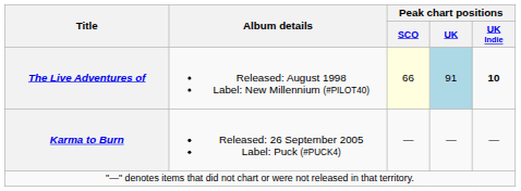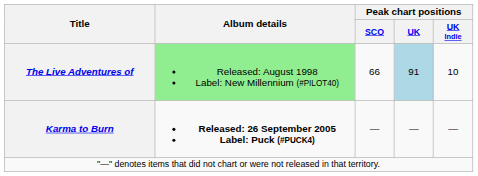 <table class="wikitable plainrowheaders" style="text-align:center;">
 <tr>
 <th scope="col" rowspan="2" style="width:15em;">Title</th>
 <th scope="col" rowspan="2" style="width:20em;">Album details</th>
 <th scope="col" colspan="3">Peak chart positions</th>
 </tr>
 <tr>
 <th style="width:4em;font-size:90%;"><a href='#'>SCO</a><br></th>
 <th style="width:4em;font-size:90%;"><a href='#'>UK</a><br></th>
 <th style="width:4em;font-size:90%;"><a href='#'>UK<br><small>Indie</small></a><br></th>
 </tr>
 <tr>
 <th scope="row"><em><a href='#'>The Live Adventures of</a></em></th>
-<td><br><ul><li>Released: August 1998</li><li>Label: New Millennium <small>(#PILOT40)</small></li></ul></td>
-<td style="background: lightyellow;">66</td>
+<td style="background: lightgreen;"><br><ul><li>Released: August 1998</li><li>Label: New Millennium <small>(#PILOT40)</small></li></ul></td>
+<td>66</td>
 <td style="background: lightblue;">91</td>
-<td><strong>10</strong></td>
+<td>10</td>
 </tr>
 <tr>
 <th scope="row"><em><a href='#'>Karma to Burn</a></em></th>
-<td><br><ul><li>Released: 26 September 2005</li><li>Label: Puck <small>(#PUCK4)</small></li></ul></td>
+<td><strong><br><ul><li>Released: 26 September 2005</li><li>Label: Puck <small>(#PUCK4)</small></li></ul></strong></td>
 <td>—</td>
 <td>—</td>
 <td>—</td>
 </tr>
 <tr>
 <td align="center" colspan="15" style="font-size:90%">"—" denotes items that did not chart or were not released in that territory.</td>
 </tr>
 </table>
